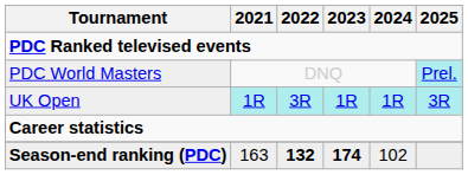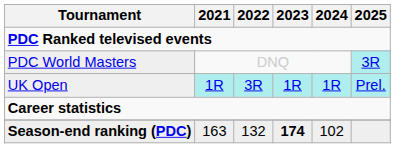 <table class="wikitable">
 <tr>
 <th>Tournament</th>
 <th>2021</th>
 <th>2022</th>
 <th>2023</th>
 <th>2024</th>
 <th>2025</th>
 </tr>
 <tr>
 <td colspan="15" style="text-align:left"><strong><a href='#'>PDC</a> Ranked televised events</strong></td>
 </tr>
 <tr>
 <td style="background:#efefef;"><a href='#'>PDC World Masters</a></td>
 <td colspan="4" style="text-align:center; color:#ccc;">DNQ</td>
-<td style="text-align:center; background:#afeeee;"><a href='#'>Prel.</a></td>
+<td style="text-align:center; background:#afeeee;"><a href='#'>3R</a></td>
 </tr>
 <tr>
 <td style="background:#efefef;"><a href='#'>UK Open</a></td>
 <td style="text-align:center; background:#afeeee;"><a href='#'>1R</a></td>
 <td style="text-align:center; background:#afeeee;"><a href='#'>3R</a></td>
 <td style="text-align:center; background:#afeeee;"><a href='#'>1R</a></td>
 <td style="text-align:center; background:#afeeee;"><a href='#'>1R</a></td>
-<td style="text-align:center; background:#afeeee;"><a href='#'>3R</a></td>
+<td style="text-align:center; background:#afeeee;"><a href='#'>Prel.</a></td>
 </tr>
 <tr>
 <td colspan="15" align="left"><strong>Career statistics</strong></td>
 </tr>
 <tr>
 </tr>
 <tr bgcolor="efefef">
 <td align="left"><strong>Season-end ranking (<a href='#'>PDC</a>)</strong></td>
 <td style="text-align:center;">163</td>
-<td style="text-align:center;"><strong>132</strong></td>
+<td style="text-align:center;">132</td>
 <td style="text-align:center;"><strong>174</strong></td>
 <td style="text-align:center;">102</td>
 <td></td>
 </tr>
 </table>
